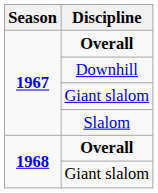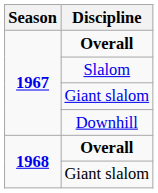 <table class="wikitable">
 <tr>
 <th>Season</th>
 <th>Discipline</th>
 </tr>
 <tr>
 <td rowspan=4 align=center><strong><a href='#'>1967</a></strong></td>
 <td align=center><strong>Overall</strong></td>
 </tr>
 <tr>
-<td align=center><a href='#'>Downhill</a></td>
+<td align=center><a href='#'>Slalom</a></td>
 </tr>
 <tr>
 <td align=center><a href='#'>Giant slalom</a></td>
 </tr>
 <tr>
-<td align=center><a href='#'>Slalom</a></td>
+<td align=center><a href='#'>Downhill</a></td>
 </tr>
 <tr>
 <td rowspan=2 align=center><strong><a href='#'>1968</a></strong></td>
 <td align=center><strong>Overall</strong></td>
 </tr>
 <tr>
 <td align=center>Giant slalom</td>
 </tr>
 </table>
